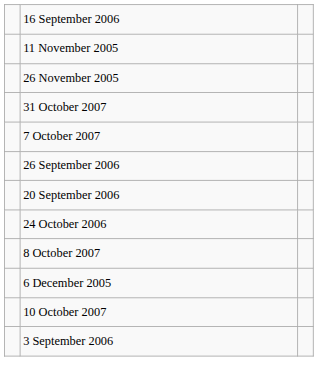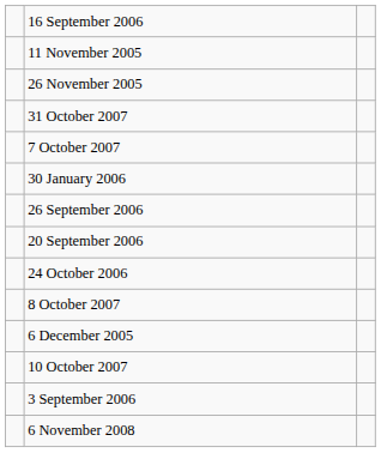 <table class="wikitable" style="font-size: 89%; float: left; width: 25em; margin-right: 1em; line-height: 1.65em !important; height: 405px;">
 <tr>
 <td></td>
 <td>16 September 2006</td>
 <td></td>
 </tr>
 <tr>
 <td></td>
 <td>11 November 2005</td>
 <td></td>
 </tr>
 <tr>
 <td></td>
 <td>26 November 2005</td>
 <td></td>
 </tr>
 <tr>
 <td></td>
 <td>31 October 2007</td>
 <td></td>
 </tr>
 <tr>
 <td></td>
 <td>7 October 2007</td>
+<td></td>
+</tr>
+<tr>
+<td></td>
+<td>30 January 2006</td>
 <td></td>
 </tr>
 <tr>
 <td></td>
 <td>26 September 2006</td>
 <td></td>
 </tr>
 <tr>
 <td></td>
 <td>20 September 2006</td>
 <td></td>
 </tr>
 <tr>
 <td></td>
 <td>24 October 2006</td>
 <td></td>
 </tr>
 <tr>
 <td></td>
 <td>8 October 2007</td>
 <td></td>
 </tr>
 <tr>
 <td></td>
 <td>6 December 2005</td>
 <td></td>
 </tr>
 <tr>
 <td></td>
 <td>10 October 2007</td>
 <td></td>
 </tr>
 <tr>
 <td></td>
 <td>3 September 2006</td>
 <td></td>
 </tr>
+<tr>
+<td></td>
+<td>6 November 2008</td>
+<td></td>
+</tr>
 </table>
